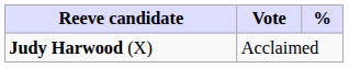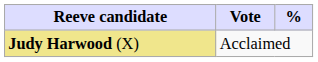 <table class="wikitable">
 <tr>
 <th style="background:#ddf; width:200px;">Reeve candidate</th>
 <th style="background:#ddf; width:50px;">Vote</th>
 <th style="background:#ddf; width:30px;">%</th>
 </tr>
 <tr>
-<td><strong>Judy Harwood</strong> (X)</td>
+<td style="background: khaki;"><strong>Judy Harwood</strong> (X)</td>
 <td colspan="2">Acclaimed</td>
 </tr>
 </table>
